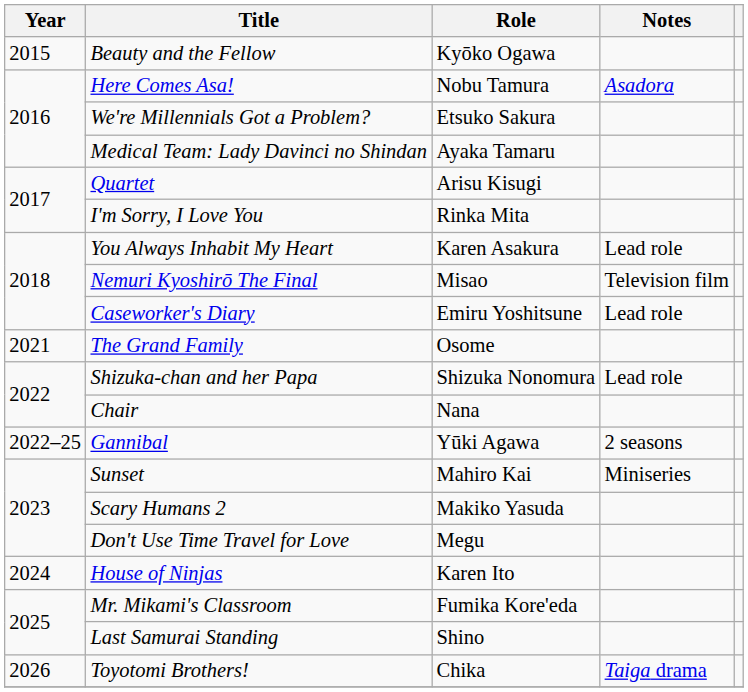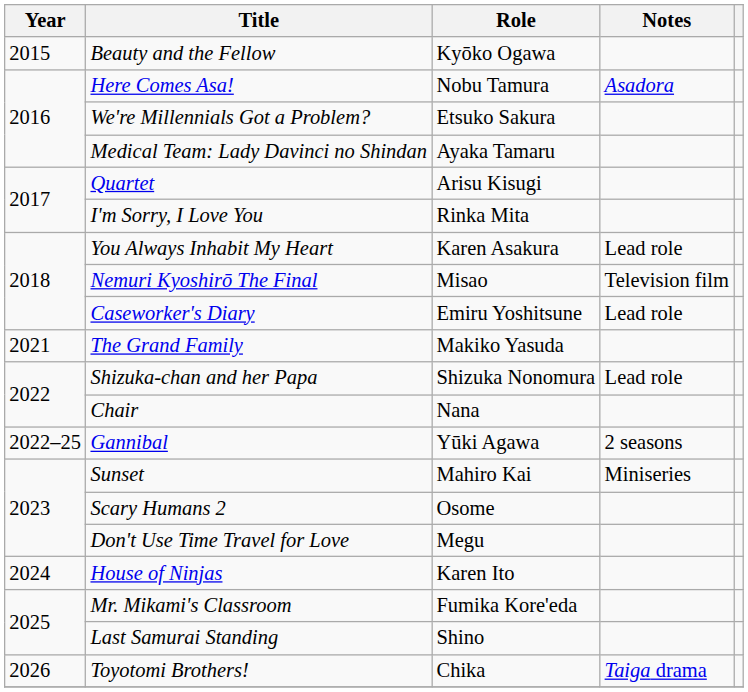 <table class="wikitable sortable">
 <tr>
 <th>Year</th>
 <th>Title</th>
 <th>Role</th>
 <th class="unsortable">Notes</th>
 <th class="unsortable"></th>
 </tr>
 <tr>
 <td>2015</td>
 <td><em>Beauty and the Fellow</em></td>
 <td>Kyōko Ogawa</td>
 <td></td>
 <td></td>
 </tr>
 <tr>
 <td rowspan="3">2016</td>
 <td><em><a href='#'>Here Comes Asa!</a></em></td>
 <td>Nobu Tamura</td>
 <td><em><a href='#'>Asadora</a></em></td>
 <td></td>
 </tr>
 <tr>
 <td><em>We're Millennials Got a Problem?</em></td>
 <td>Etsuko Sakura</td>
 <td></td>
 <td></td>
 </tr>
 <tr>
 <td><em>Medical Team: Lady Davinci no Shindan</em></td>
 <td>Ayaka Tamaru</td>
 <td></td>
 <td></td>
 </tr>
 <tr>
 <td rowspan="2">2017</td>
 <td><em><a href='#'>Quartet</a></em></td>
 <td>Arisu Kisugi</td>
 <td></td>
 <td></td>
 </tr>
 <tr>
 <td><em>I'm Sorry, I Love You</em></td>
 <td>Rinka Mita</td>
 <td></td>
 <td></td>
 </tr>
 <tr>
 <td rowspan="3">2018</td>
 <td><em>You Always Inhabit My Heart</em></td>
 <td>Karen Asakura</td>
 <td>Lead role</td>
 <td></td>
 </tr>
 <tr>
 <td><em><a href='#'>Nemuri Kyoshirō The Final</a></em></td>
 <td>Misao</td>
 <td>Television film</td>
 <td></td>
 </tr>
 <tr>
 <td><em><a href='#'>Caseworker's Diary</a></em></td>
 <td>Emiru Yoshitsune</td>
 <td>Lead role</td>
 <td></td>
 </tr>
 <tr>
 <td>2021</td>
 <td><em><a href='#'>The Grand Family</a></em></td>
-<td>Osome</td>
+<td>Makiko Yasuda</td>
 <td></td>
 <td></td>
 </tr>
 <tr>
 <td rowspan="2">2022</td>
 <td><em>Shizuka-chan and her Papa</em></td>
 <td>Shizuka Nonomura</td>
 <td>Lead role</td>
 <td></td>
 </tr>
 <tr>
 <td><em>Chair</em></td>
 <td>Nana</td>
 <td></td>
 <td></td>
 </tr>
 <tr>
 <td>2022–25</td>
 <td><em><a href='#'>Gannibal</a></em></td>
 <td>Yūki Agawa</td>
 <td>2 seasons</td>
 <td></td>
 </tr>
 <tr>
 <td rowspan="3">2023</td>
 <td><em>Sunset</em></td>
 <td>Mahiro Kai</td>
 <td>Miniseries</td>
 <td></td>
 </tr>
 <tr>
 <td><em>Scary Humans 2</em></td>
-<td>Makiko Yasuda</td>
+<td>Osome</td>
 <td></td>
 <td></td>
 </tr>
 <tr>
 <td><em>Don't Use Time Travel for Love</em></td>
 <td>Megu</td>
 <td></td>
 <td></td>
 </tr>
 <tr>
 <td>2024</td>
 <td><em><a href='#'>House of Ninjas</a></em></td>
 <td>Karen Ito</td>
 <td></td>
 <td></td>
 </tr>
 <tr>
 <td rowspan="2">2025</td>
 <td><em>Mr. Mikami's Classroom</em></td>
 <td>Fumika Kore'eda</td>
 <td></td>
 <td></td>
 </tr>
 <tr>
 <td><em>Last Samurai Standing</em></td>
 <td>Shino</td>
 <td></td>
 <td></td>
 </tr>
 <tr>
 <td>2026</td>
 <td><em>Toyotomi Brothers!</em></td>
 <td>Chika</td>
 <td><a href='#'><em>Taiga</em> drama</a></td>
 <td></td>
 </tr>
 <tr>
 </tr>
 </table>
